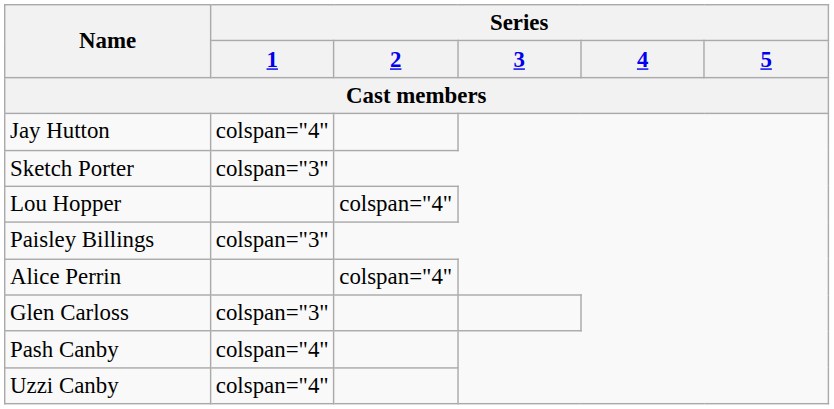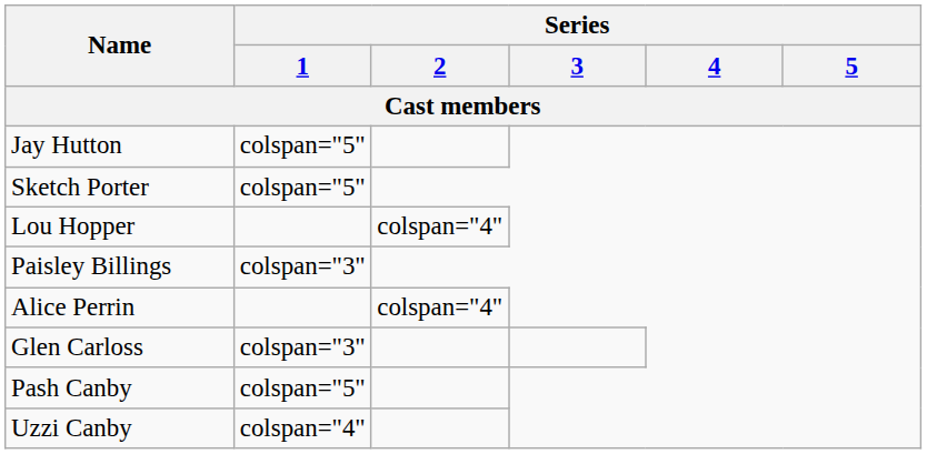 <table class="wikitable plainrowheaders">
 <tr>
 <th scope="col" rowspan="2">Name</th>
 <th scope="col" colspan="5">Series</th>
 </tr>
 <tr>
 <th scope="col" style="width:15%;"><a href='#'>1</a></th>
 <th scope="col" style="width:15%;"><a href='#'>2</a></th>
 <th scope="col" style="width:15%;"><a href='#'>3</a></th>
 <th scope="col" style="width:15%;"><a href='#'>4</a></th>
 <th scope="col" style="width:15%;"><a href='#'>5</a></th>
 </tr>
 <tr>
 <th scope="col" colspan="15">Cast members</th>
 </tr>
 <tr>
 <td>Jay Hutton</td>
-<td>colspan="4" </td>
+<td>colspan="5" </td>
 <td></td>
 </tr>
 <tr>
 <td>Sketch Porter</td>
-<td>colspan="3" </td>
+<td>colspan="5" </td>
 </tr>
 <tr>
 <td>Lou Hopper</td>
 <td></td>
 <td>colspan="4" </td>
 </tr>
 <tr>
 <td>Paisley Billings</td>
 <td>colspan="3" </td>
 </tr>
 <tr>
 <td>Alice Perrin</td>
 <td></td>
 <td>colspan="4" </td>
 </tr>
 <tr>
 <td>Glen Carloss</td>
 <td>colspan="3" </td>
 <td></td>
 <td></td>
 </tr>
 <tr>
 <td>Pash Canby</td>
-<td>colspan="4" </td>
+<td>colspan="5" </td>
 <td></td>
 </tr>
 <tr>
 <td>Uzzi Canby</td>
 <td>colspan="4" </td>
 <td></td>
 </tr>
 </table>
